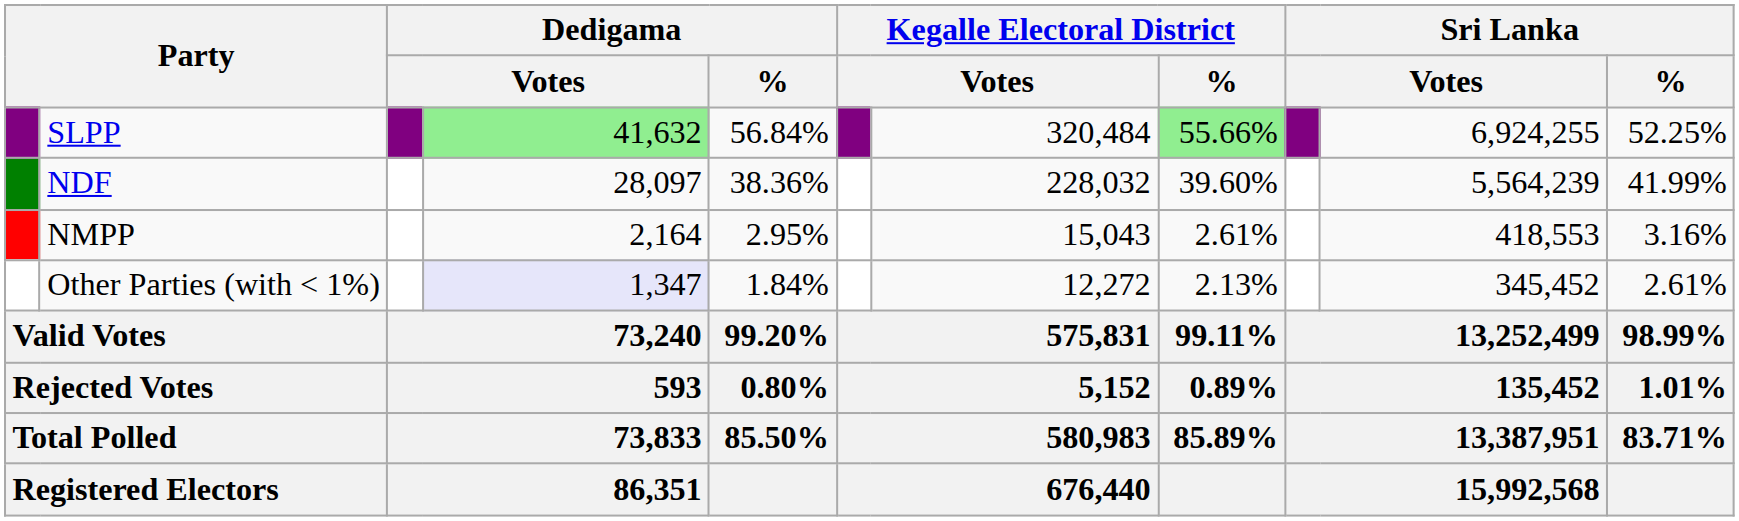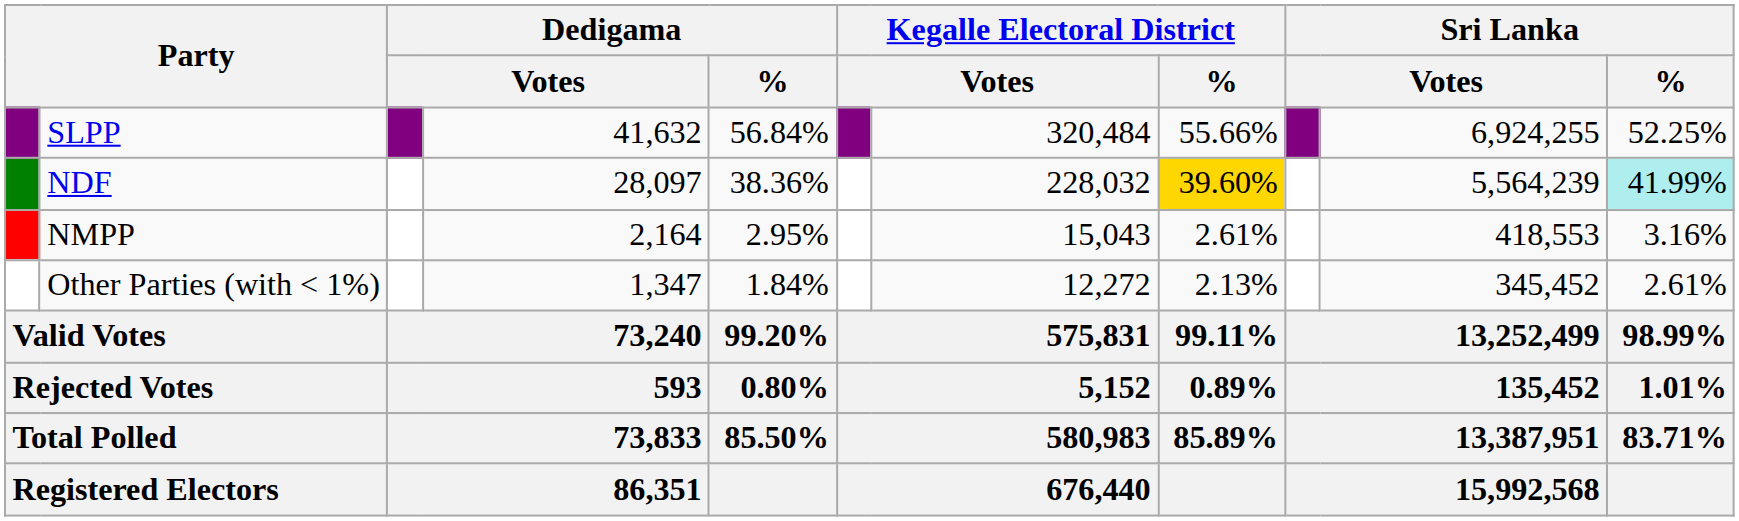 <table class="wikitable">
 <tr>
 <th colspan="2" width="144px"rowspan="2">Party</th>
 <th colspan="3" width="216px">Dedigama</th>
 <th colspan="3" width="216px"><a href='#'>Kegalle Electoral District</a></th>
 <th colspan="3" width="216px">Sri Lanka</th>
 </tr>
 <tr>
 <th colspan="2" width="144px">Votes</th>
 <th>%</th>
 <th colspan="2" width="144px">Votes</th>
 <th>%</th>
 <th colspan="2" width="144px">Votes</th>
 <th>%</th>
 </tr>
 <tr>
 <td style="background-color:purple;" width="10px"></td>
 <td style="text-align:left;"><a href='#'>SLPP</a></td>
 <td style="background-color:purple;" width="10px"></td>
-<td style="background: lightgreen; text-align:right;">41,632</td>
+<td style="text-align:right;">41,632</td>
 <td style="text-align:right;">56.84%</td>
 <td style="background-color:purple;" width="10px"></td>
 <td style="text-align:right;">320,484</td>
-<td style="background: lightgreen; text-align:right;">55.66%</td>
+<td style="text-align:right;">55.66%</td>
 <td style="background-color:purple;" width="10px"></td>
 <td style="text-align:right;">6,924,255</td>
 <td style="text-align:right;">52.25%</td>
 </tr>
 <tr>
 <td style="background-color:green;" width="10px"></td>
 <td style="text-align:left;"><a href='#'>NDF</a></td>
 <td style="background-color:white;" width="10px"></td>
 <td style="text-align:right;">28,097</td>
 <td style="text-align:right;">38.36%</td>
 <td style="background-color:white;" width="10px"></td>
 <td style="text-align:right;">228,032</td>
-<td style="text-align:right;">39.60%</td>
+<td style="background: gold; text-align:right;">39.60%</td>
 <td style="background-color:white;" width="10px"></td>
 <td style="text-align:right;">5,564,239</td>
-<td style="text-align:right;">41.99%</td>
+<td style="background: paleturquoise; text-align:right;">41.99%</td>
 </tr>
 <tr>
 <td style="background-color:red;" width="10px"></td>
 <td style="text-align:left;">NMPP</td>
 <td style="background-color:white;" width="10px"></td>
 <td style="text-align:right;">2,164</td>
 <td style="text-align:right;">2.95%</td>
 <td style="background-color:white;" width="10px"></td>
 <td style="text-align:right;">15,043</td>
 <td style="text-align:right;">2.61%</td>
 <td style="background-color:white;" width="10px"></td>
 <td style="text-align:right;">418,553</td>
 <td style="text-align:right;">3.16%</td>
 </tr>
 <tr>
 <td style="background-color:white;" width="10px"></td>
 <td style="text-align:left;">Other Parties (with < 1%)</td>
 <td style="background-color:white;" width="10px"></td>
-<td style="background: lavender; text-align:right;">1,347</td>
+<td style="text-align:right;">1,347</td>
 <td style="text-align:right;">1.84%</td>
 <td style="background-color:white;" width="10px"></td>
 <td style="text-align:right;">12,272</td>
 <td style="text-align:right;">2.13%</td>
 <td style="background-color:white;" width="10px"></td>
 <td style="text-align:right;">345,452</td>
 <td style="text-align:right;">2.61%</td>
 </tr>
 <tr>
 <th colspan="2" width="144px"style="text-align:left;">Valid Votes</th>
 <th style="text-align:right;"colspan="2" width="144px">73,240</th>
 <th style="text-align:right;">99.20%</th>
 <th style="text-align:right;"colspan="2" width="144px">575,831</th>
 <th style="text-align:right;">99.11%</th>
 <th style="text-align:right;"colspan="2" width="144px">13,252,499</th>
 <th style="text-align:right;">98.99%</th>
 </tr>
 <tr>
 <th colspan="2" width="144px"style="text-align:left;">Rejected Votes</th>
 <th style="text-align:right;"colspan="2" width="144px">593</th>
 <th style="text-align:right;">0.80%</th>
 <th style="text-align:right;"colspan="2" width="144px">5,152</th>
 <th style="text-align:right;">0.89%</th>
 <th style="text-align:right;"colspan="2" width="144px">135,452</th>
 <th style="text-align:right;">1.01%</th>
 </tr>
 <tr>
 <th colspan="2" width="144px"style="text-align:left;">Total Polled</th>
 <th style="text-align:right;"colspan="2" width="144px">73,833</th>
 <th style="text-align:right;">85.50%</th>
 <th style="text-align:right;"colspan="2" width="144px">580,983</th>
 <th style="text-align:right;">85.89%</th>
 <th style="text-align:right;"colspan="2" width="144px">13,387,951</th>
 <th style="text-align:right;">83.71%</th>
 </tr>
 <tr>
 <th colspan="2" width="144px"style="text-align:left;">Registered Electors</th>
 <th style="text-align:right;"colspan="2" width="144px">86,351</th>
 <th></th>
 <th style="text-align:right;"colspan="2" width="144px">676,440</th>
 <th></th>
 <th style="text-align:right;"colspan="2" width="144px">15,992,568</th>
 <th></th>
 </tr>
 </table>
